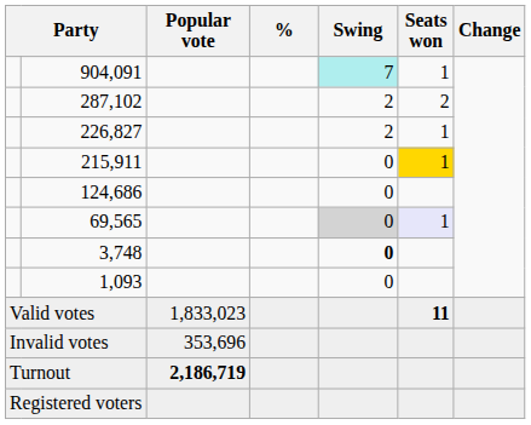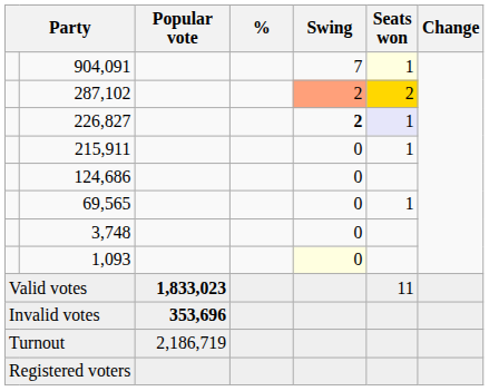 <table class=wikitable style="text-align:right">
 <tr>
 <th colspan=2>Party</th>
 <th width=80px>Popular vote</th>
 <th width=50px>%</th>
 <th width=60px>Swing</th>
 <th width=40px>Seats<br>won</th>
 <th width=45px>Change</th>
 </tr>
 <tr>
 <td></td>
 <td>904,091</td>
 <td></td>
 <td></td>
-<td style="background: paleturquoise;">7</td>
-<td> 1</td>
+<td>7</td>
+<td style="background: lightyellow;"> 1</td>
 </tr>
 <tr>
 <td></td>
 <td>287,102</td>
 <td></td>
 <td></td>
-<td>2</td>
-<td> 2</td>
+<td style="background: lightsalmon;">2</td>
+<td style="background: gold;"> 2</td>
 </tr>
 <tr>
 <td></td>
 <td>226,827</td>
 <td></td>
 <td></td>
-<td>2</td>
-<td> 1</td>
+<td><strong>2</strong></td>
+<td style="background: lavender;"> 1</td>
 </tr>
 <tr>
 <td></td>
 <td>215,911</td>
 <td></td>
 <td></td>
 <td>0</td>
-<td style="background: gold;"> 1</td>
+<td> 1</td>
 </tr>
 <tr>
 <td></td>
 <td>124,686</td>
 <td></td>
 <td></td>
 <td>0</td>
 <td></td>
 </tr>
 <tr>
 <td></td>
 <td>69,565</td>
 <td></td>
 <td></td>
-<td style="background: lightgrey;">0</td>
-<td style="background: lavender;"> 1</td>
+<td>0</td>
+<td> 1</td>
 </tr>
 <tr>
 <td></td>
 <td>3,748</td>
 <td></td>
 <td></td>
-<td><strong>0</strong></td>
+<td>0</td>
 <td></td>
 </tr>
 <tr>
 <td></td>
 <td>1,093</td>
 <td></td>
 <td></td>
-<td>0</td>
+<td style="background: lightyellow;">0</td>
 <td></td>
 </tr>
 <tr bgcolor=#efefef>
 <td align=left colspan=2>Valid votes</td>
-<td>1,833,023</td>
+<td><strong>1,833,023</strong></td>
 <td></td>
 <td></td>
-<td><strong>11</strong></td>
+<td>11</td>
 <td></td>
 </tr>
 <tr bgcolor=#efefef>
 <td align=left colspan=2>Invalid votes</td>
-<td>353,696</td>
+<td><strong>353,696</strong></td>
 <td></td>
 <td></td>
 <td></td>
 <td></td>
 </tr>
 <tr bgcolor=#efefef>
 <td align=left colspan=2>Turnout</td>
-<td><strong>2,186,719</strong></td>
+<td>2,186,719</td>
 <td></td>
 <td></td>
 <td></td>
 <td></td>
 </tr>
 <tr bgcolor=#efefef>
 <td align=left colspan=2>Registered voters</td>
 <td></td>
 <td></td>
 <td></td>
 <td></td>
 <td></td>
 </tr>
 </table>
